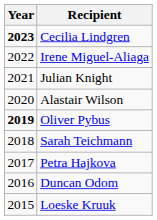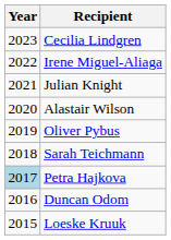 <table class="wikitable sortable">
 <tr>
 <th>Year</th>
 <th>Recipient</th>
 </tr>
 <tr>
-<td><strong>2023</strong></td>
+<td>2023</td>
 <td><a href='#'>Cecilia Lindgren</a></td>
 </tr>
 <tr>
 <td>2022</td>
 <td><a href='#'>Irene Miguel-Aliaga</a></td>
 </tr>
 <tr>
 <td>2021</td>
 <td>Julian Knight</td>
 </tr>
 <tr>
 <td>2020</td>
 <td>Alastair Wilson</td>
 </tr>
 <tr>
-<td><strong>2019</strong></td>
+<td>2019</td>
 <td><a href='#'>Oliver Pybus</a></td>
 </tr>
 <tr>
 <td>2018</td>
 <td><a href='#'>Sarah Teichmann</a></td>
 </tr>
 <tr>
-<td>2017</td>
+<td style="background: lightblue;">2017</td>
 <td><a href='#'>Petra Hajkova</a></td>
 </tr>
 <tr>
 <td>2016</td>
 <td><a href='#'>Duncan Odom</a></td>
 </tr>
 <tr>
 <td>2015</td>
 <td><a href='#'>Loeske Kruuk</a></td>
 </tr>
 </table>
